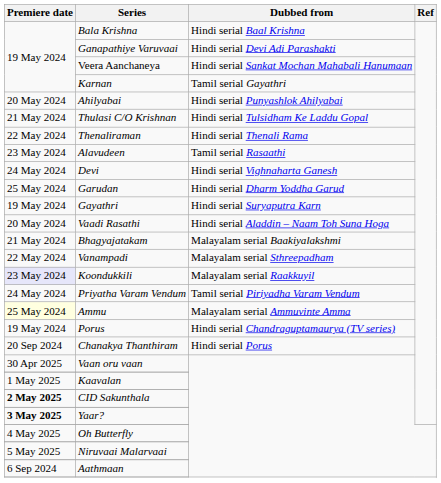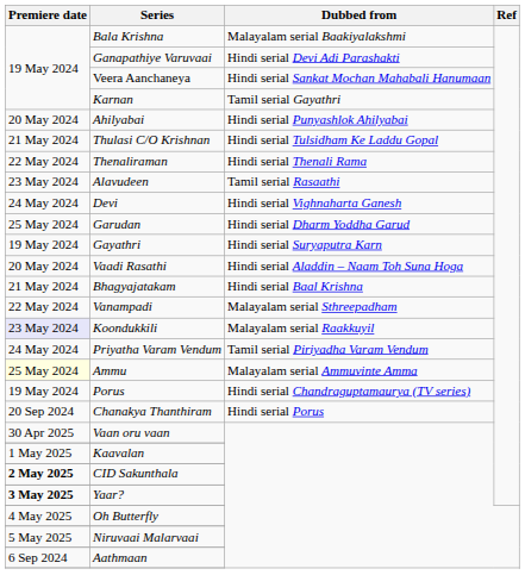 <table class="wikitable sortable">
 <tr>
 <th>Premiere date</th>
 <th>Series</th>
 <th>Dubbed from</th>
 <th>Ref</th>
 </tr>
 <tr>
 <td rowspan="4">19 May 2024</td>
 <td><em>Bala Krishna</em></td>
-<td>Hindi serial <em><a href='#'>Baal Krishna</a></em></td>
+<td>Malayalam serial <em>Baakiyalakshmi</em></td>
 <td rowspan="26"></td>
 </tr>
 <tr>
 <td><em>Ganapathiye Varuvaai</em></td>
 <td>Hindi serial <em><a href='#'>Devi Adi Parashakti</a></em></td>
 </tr>
 <tr>
 <td>Veera Aanchaneya</td>
 <td>Hindi serial <em><a href='#'>Sankat Mochan Mahabali Hanumaan</a></em></td>
 </tr>
 <tr>
 <td><em>Karnan</em></td>
 <td>Tamil serial <em>Gayathri</em></td>
 </tr>
 <tr>
 <td>20 May 2024</td>
 <td><em>Ahilyabai</em></td>
 <td>Hindi serial <em><a href='#'>Punyashlok Ahilyabai</a></em></td>
 </tr>
 <tr>
 <td>21 May 2024</td>
 <td><em>Thulasi C/O Krishnan</em></td>
 <td>Hindi serial <em><a href='#'>Tulsidham Ke Laddu Gopal</a></em></td>
 </tr>
 <tr>
 <td>22 May 2024</td>
 <td><em>Thenaliraman</em></td>
 <td>Hindi serial <em><a href='#'>Thenali Rama</a></em></td>
 </tr>
 <tr>
 <td>23 May 2024</td>
 <td><em>Alavudeen</em></td>
 <td>Tamil serial <em><a href='#'>Rasaathi</a></em></td>
 </tr>
 <tr>
 <td>24 May 2024</td>
 <td><em>Devi</em></td>
 <td>Hindi serial <em><a href='#'>Vighnaharta Ganesh</a></em></td>
 </tr>
 <tr>
 <td>25 May 2024</td>
 <td><em>Garudan</em></td>
 <td>Hindi serial <em><a href='#'>Dharm Yoddha Garud</a></em></td>
 </tr>
 <tr>
 <td>19 May 2024</td>
 <td><em>Gayathri</em></td>
 <td>Hindi serial <em><a href='#'>Suryaputra Karn</a></em></td>
 </tr>
 <tr>
 <td>20 May 2024</td>
 <td><em>Vaadi Rasathi</em></td>
 <td>Hindi serial <em><a href='#'>Aladdin – Naam Toh Suna Hoga</a></em></td>
 </tr>
 <tr>
 <td>21 May 2024</td>
 <td><em>Bhagyajatakam</em></td>
-<td>Malayalam serial <em>Baakiyalakshmi</em></td>
+<td>Hindi serial <em><a href='#'>Baal Krishna</a></em></td>
 </tr>
 <tr>
 <td>22 May 2024</td>
 <td><em>Vanampadi</em></td>
 <td>Malayalam serial <em><a href='#'>Sthreepadham</a></em></td>
 </tr>
 <tr>
 <td style="background: lavender;">23 May 2024</td>
 <td><em>Koondukkili</em></td>
 <td>Malayalam serial <em><a href='#'>Raakkuyil</a></em></td>
 </tr>
 <tr>
 <td>24 May 2024</td>
 <td><em>Priyatha Varam Vendum</em></td>
 <td>Tamil serial <em><a href='#'>Piriyadha Varam Vendum</a></em></td>
 </tr>
 <tr>
 <td style="background: lightyellow;">25 May 2024</td>
 <td><em>Ammu</em></td>
 <td>Malayalam serial <em><a href='#'>Ammuvinte Amma</a></em></td>
 </tr>
 <tr>
 <td>19 May 2024</td>
 <td><em>Porus</em></td>
 <td>Hindi serial <em><a href='#'>Chandraguptamaurya (TV series)</a></em></td>
 </tr>
 <tr>
 <td>20 Sep 2024</td>
 <td><em>Chanakya Thanthiram</em></td>
 <td>Hindi serial <em><a href='#'>Porus</a></em></td>
 </tr>
 <tr>
 <td>30 Apr 2025</td>
 <td><em>Vaan oru vaan</em></td>
 </tr>
 <tr>
 </tr>
 <tr>
 <td>1 May 2025</td>
 <td><em>Kaavalan</em></td>
 </tr>
 <tr>
 </tr>
 <tr>
 <td><strong>2 May 2025</strong></td>
 <td><em>CID Sakunthala</em></td>
 </tr>
 <tr>
 </tr>
 <tr>
 <td><strong>3 May 2025</strong></td>
 <td><em>Yaar?</em></td>
 </tr>
 <tr>
 </tr>
 <tr>
 <td>4 May 2025</td>
 <td><em>Oh Butterfly</em></td>
 </tr>
 <tr>
 </tr>
 <tr>
 <td>5 May 2025</td>
 <td><em>Niruvaai Malarvaai</em></td>
 </tr>
 <tr>
 </tr>
 <tr>
 <td>6 Sep 2024</td>
 <td><em>Aathmaan</em></td>
 </tr>
 <tr>
 </tr>
 </table>
